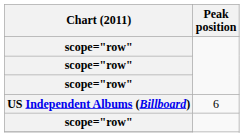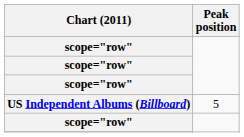 <table class="wikitable sortable plainrowheaders" style="text-align:center">
 <tr>
 <th align="left">Chart (2011)</th>
 <th align="left">Peak<br>position</th>
 </tr>
 <tr>
 <th>scope="row" </th>
 </tr>
 <tr>
 <th>scope="row" </th>
 </tr>
 <tr>
 <th>scope="row" </th>
 </tr>
 <tr>
 <th scope="row">US <a href='#'>Independent Albums</a> (<em><a href='#'>Billboard</a></em>)</th>
-<td>6</td>
+<td>5</td>
 </tr>
 <tr>
 <th>scope="row" </th>
 </tr>
 <tr>
 </tr>
 </table>
